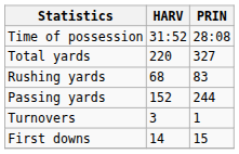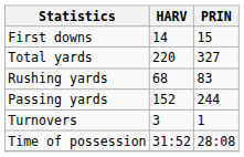 <table class="wikitable" style="float: left;">
 <tr>
 <th>Statistics</th>
 <th>HARV</th>
 <th>PRIN</th>
 </tr>
 <tr>
-<td>Time of possession</td>
-<td>31:52</td>
-<td>28:08</td>
+<td>First downs</td>
+<td>14</td>
+<td>15</td>
 </tr>
 <tr>
 <td>Total yards</td>
 <td>220</td>
 <td>327</td>
 </tr>
 <tr>
 <td>Rushing yards</td>
 <td>68</td>
 <td>83</td>
 </tr>
 <tr>
 <td>Passing yards</td>
 <td>152</td>
 <td>244</td>
 </tr>
 <tr>
 <td>Turnovers</td>
 <td>3</td>
 <td>1</td>
 </tr>
 <tr>
-<td>First downs</td>
-<td>14</td>
-<td>15</td>
+<td>Time of possession</td>
+<td>31:52</td>
+<td>28:08</td>
 </tr>
 <tr>
 </tr>
 </table>
